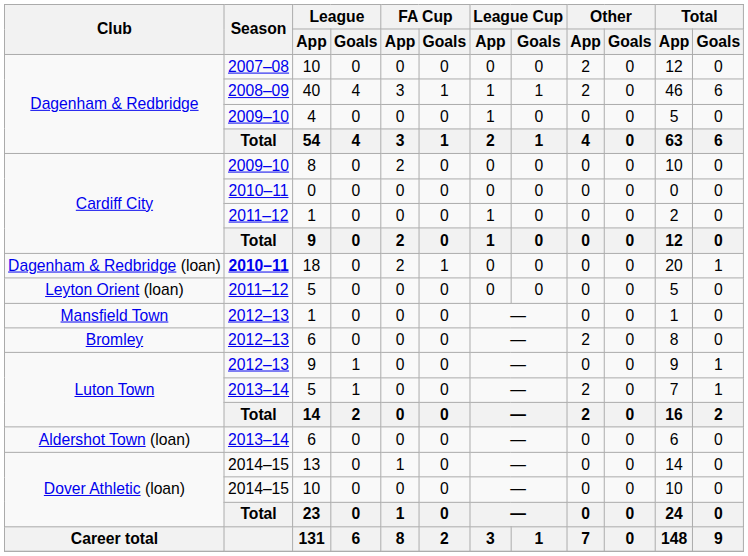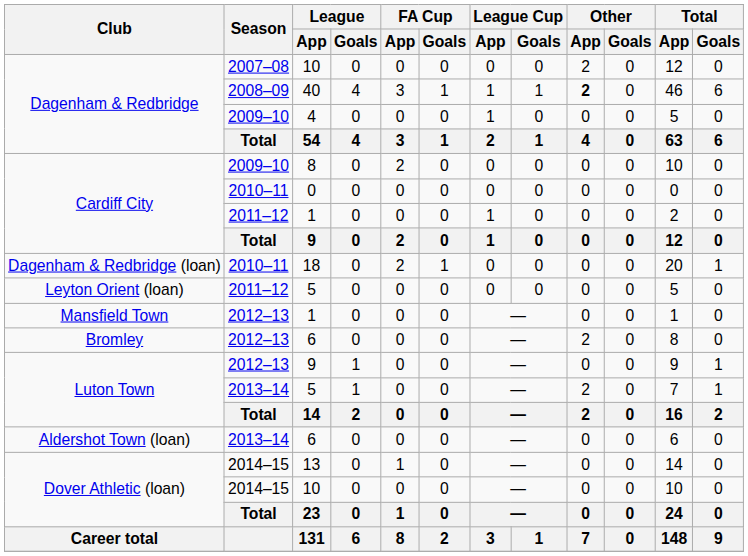 <table class="wikitable">
 <tr>
 <th rowspan=2>Club</th>
 <th rowspan=2>Season</th>
 <th colspan=2>League</th>
 <th colspan=2>FA Cup</th>
 <th colspan=2>League Cup</th>
 <th colspan=2>Other</th>
 <th colspan=2>Total</th>
 </tr>
 <tr>
 <th>App</th>
 <th>Goals</th>
 <th>App</th>
 <th>Goals</th>
 <th>App</th>
 <th>Goals</th>
 <th>App</th>
 <th>Goals</th>
 <th>App</th>
 <th>Goals</th>
 </tr>
 <tr align=center>
 <td rowspan=4><a href='#'>Dagenham & Redbridge</a></td>
 <td><a href='#'>2007–08</a></td>
 <td>10</td>
 <td>0</td>
 <td>0</td>
 <td>0</td>
 <td>0</td>
 <td>0</td>
 <td>2</td>
 <td>0</td>
 <td>12</td>
 <td>0</td>
 </tr>
 <tr align=center>
 <td><a href='#'>2008–09</a></td>
 <td>40</td>
 <td>4</td>
 <td>3</td>
 <td>1</td>
 <td>1</td>
 <td>1</td>
-<td>2</td>
+<td><strong>2</strong></td>
 <td>0</td>
 <td>46</td>
 <td>6</td>
 </tr>
 <tr align=center>
 <td><a href='#'>2009–10</a></td>
 <td>4</td>
 <td>0</td>
 <td>0</td>
 <td>0</td>
 <td>1</td>
 <td>0</td>
 <td>0</td>
 <td>0</td>
 <td>5</td>
 <td>0</td>
 </tr>
 <tr align=center>
 <th>Total</th>
 <th>54</th>
 <th>4</th>
 <th>3</th>
 <th>1</th>
 <th>2</th>
 <th>1</th>
 <th>4</th>
 <th>0</th>
 <th>63</th>
 <th>6</th>
 </tr>
 <tr align=center>
 <td rowspan=4><a href='#'>Cardiff City</a></td>
 <td><a href='#'>2009–10</a></td>
 <td>8</td>
 <td>0</td>
 <td>2</td>
 <td>0</td>
 <td>0</td>
 <td>0</td>
 <td>0</td>
 <td>0</td>
 <td>10</td>
 <td>0</td>
 </tr>
 <tr align=center>
 <td><a href='#'>2010–11</a></td>
 <td>0</td>
 <td>0</td>
 <td>0</td>
 <td>0</td>
 <td>0</td>
 <td>0</td>
 <td>0</td>
 <td>0</td>
 <td>0</td>
 <td>0</td>
 </tr>
 <tr align=center>
 <td><a href='#'>2011–12</a></td>
 <td>1</td>
 <td>0</td>
 <td>0</td>
 <td>0</td>
 <td>1</td>
 <td>0</td>
 <td>0</td>
 <td>0</td>
 <td>2</td>
 <td>0</td>
 </tr>
 <tr align=center>
 <th>Total</th>
 <th>9</th>
 <th>0</th>
 <th>2</th>
 <th>0</th>
 <th>1</th>
 <th>0</th>
 <th>0</th>
 <th>0</th>
 <th>12</th>
 <th>0</th>
 </tr>
 <tr align=center>
 <td rowspan=1><a href='#'>Dagenham & Redbridge</a> (loan)</td>
-<td><strong><a href='#'>2010–11</a></strong></td>
+<td><a href='#'>2010–11</a></td>
 <td>18</td>
 <td>0</td>
 <td>2</td>
 <td>1</td>
 <td>0</td>
 <td>0</td>
 <td>0</td>
 <td>0</td>
 <td>20</td>
 <td>1</td>
 </tr>
 <tr align=center>
 <td rowspan=1><a href='#'>Leyton Orient</a> (loan)</td>
 <td><a href='#'>2011–12</a></td>
 <td>5</td>
 <td>0</td>
 <td>0</td>
 <td>0</td>
 <td>0</td>
 <td>0</td>
 <td>0</td>
 <td>0</td>
 <td>5</td>
 <td>0</td>
 </tr>
 <tr align=center>
 <td rowspan=1><a href='#'>Mansfield Town</a></td>
 <td><a href='#'>2012–13</a></td>
 <td>1</td>
 <td>0</td>
 <td>0</td>
 <td>0</td>
 <td colspan="2">—</td>
 <td>0</td>
 <td>0</td>
 <td>1</td>
 <td>0</td>
 </tr>
 <tr align=center>
 <td rowspan=1><a href='#'>Bromley</a></td>
 <td><a href='#'>2012–13</a></td>
 <td>6</td>
 <td>0</td>
 <td>0</td>
 <td>0</td>
 <td colspan="2">—</td>
 <td>2</td>
 <td>0</td>
 <td>8</td>
 <td>0</td>
 </tr>
 <tr align=center>
 <td rowspan=3><a href='#'>Luton Town</a></td>
 <td><a href='#'>2012–13</a></td>
 <td>9</td>
 <td>1</td>
 <td>0</td>
 <td>0</td>
 <td colspan="2">—</td>
 <td>0</td>
 <td>0</td>
 <td>9</td>
 <td>1</td>
 </tr>
 <tr align=center>
 <td><a href='#'>2013–14</a></td>
 <td>5</td>
 <td>1</td>
 <td>0</td>
 <td>0</td>
 <td colspan="2">—</td>
 <td>2</td>
 <td>0</td>
 <td>7</td>
 <td>1</td>
 </tr>
 <tr align=center>
 <th>Total</th>
 <th>14</th>
 <th>2</th>
 <th>0</th>
 <th>0</th>
 <th colspan="2">—</th>
 <th>2</th>
 <th>0</th>
 <th>16</th>
 <th>2</th>
 </tr>
 <tr align=center>
 <td rowspan=1><a href='#'>Aldershot Town</a> (loan)</td>
 <td><a href='#'>2013–14</a></td>
 <td>6</td>
 <td>0</td>
 <td>0</td>
 <td>0</td>
 <td colspan="2">—</td>
 <td>0</td>
 <td>0</td>
 <td>6</td>
 <td>0</td>
 </tr>
 <tr align=center>
 <td rowspan=3><a href='#'>Dover Athletic</a> (loan)</td>
 <td>2014–15</td>
 <td>13</td>
 <td>0</td>
 <td>1</td>
 <td>0</td>
 <td colspan="2">—</td>
 <td>0</td>
 <td>0</td>
 <td>14</td>
 <td>0</td>
 </tr>
 <tr align=center>
 <td>2014–15</td>
 <td>10</td>
 <td>0</td>
 <td>0</td>
 <td>0</td>
 <td colspan="2">—</td>
 <td>0</td>
 <td>0</td>
 <td>10</td>
 <td>0</td>
 </tr>
 <tr align=center>
 <th>Total</th>
 <th>23</th>
 <th>0</th>
 <th>1</th>
 <th>0</th>
 <th colspan="2">—</th>
 <th>0</th>
 <th>0</th>
 <th>24</th>
 <th>0</th>
 </tr>
 <tr align=center>
 <th>Career total</th>
 <th></th>
 <th>131</th>
 <th>6</th>
 <th>8</th>
 <th>2</th>
 <th>3</th>
 <th>1</th>
 <th>7</th>
 <th>0</th>
 <th>148</th>
 <th>9</th>
 </tr>
 <tr>
 </tr>
 </table>
